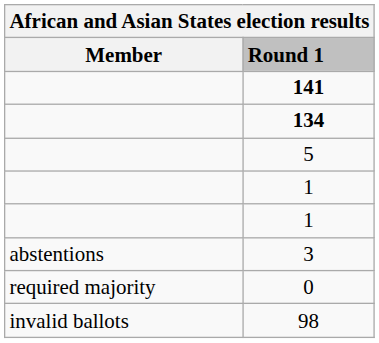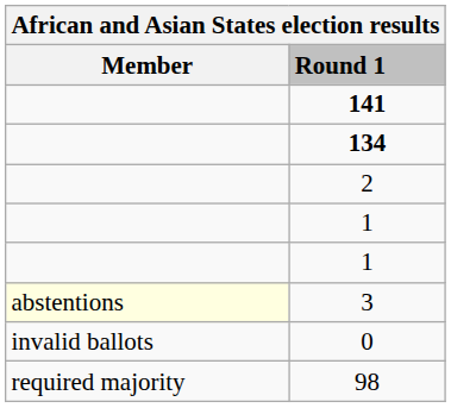 <table class="wikitable collapsible">
 <tr>
 <th colspan="2">African and Asian States election results</th>
 </tr>
 <tr>
 <th>Member</th>
 <td style="background:silver;"><strong>Round 1</strong></td>
 </tr>
 <tr>
 <td></td>
 <td style="text-align:center;"><strong>141</strong></td>
 </tr>
 <tr>
 <td></td>
 <td style="text-align:center;"><strong>134</strong></td>
 </tr>
 <tr>
 <td></td>
-<td style="text-align:center;">5</td>
+<td style="text-align:center;">2</td>
 </tr>
 <tr>
 <td></td>
 <td style="text-align:center;">1</td>
 </tr>
 <tr>
 <td></td>
 <td style="text-align:center;">1</td>
 </tr>
 <tr>
-<td>abstentions</td>
+<td style="background: lightyellow;">abstentions</td>
 <td style="text-align:center;">3</td>
 </tr>
 <tr>
-<td>required majority</td>
+<td>invalid ballots</td>
 <td style="text-align:center;">0</td>
 </tr>
 <tr>
-<td>invalid ballots</td>
+<td>required majority</td>
 <td style="text-align:center;">98</td>
 </tr>
 </table>
